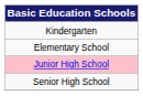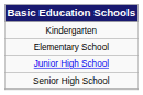 <table class="wikitable floatleft">
 <tr style="color:white; background:#191970; text-align:center;">
 <td><strong>Basic Education Schools</strong></td>
 </tr>
 <tr style="color:black; background:#D3D3D3; text-align:center;">
 </tr>
 <tr>
 <td style="text-align:center;"><small> Kindergarten</small></td>
 </tr>
 <tr>
 <td style="text-align:center;"><small> Elementary School</small></td>
 </tr>
 <tr>
-<td style="background: pink; text-align:center;"><small><a href='#'>Junior High School</a></small></td>
+<td style="text-align:center;"><small><a href='#'>Junior High School</a></small></td>
 </tr>
 <tr>
 <td style="text-align:center;"><small> Senior High School</small></td>
 </tr>
 <tr>
 </tr>
 </table>
